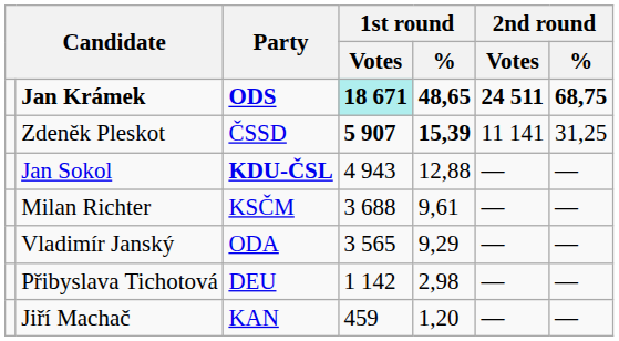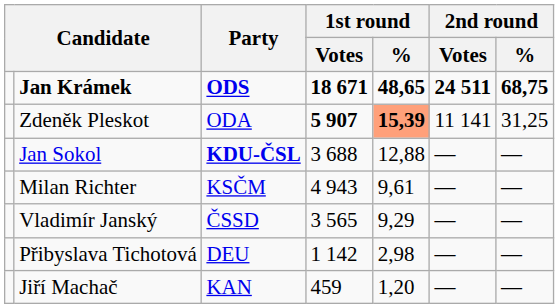 <table class="wikitable sortable">
 <tr>
 <th colspan="2" rowspan="2">Candidate</th>
 <th rowspan="2">Party</th>
 <th colspan="2">1st round</th>
 <th colspan="2">2nd round</th>
 </tr>
 <tr>
 <th>Votes</th>
 <th>%</th>
 <th>Votes</th>
 <th>%</th>
 </tr>
 <tr>
 <td style="background-color:"></td>
 <td><strong>Jan Krámek</strong></td>
 <td><a href='#'><strong>ODS</strong></a></td>
-<td style="background: paleturquoise;"><strong>18 671</strong></td>
+<td><strong>18 671</strong></td>
 <td><strong>48,65</strong></td>
 <td><strong>24 511</strong></td>
 <td><strong>68,75</strong></td>
 </tr>
 <tr>
 <td style="background-color:"></td>
 <td>Zdeněk Pleskot</td>
-<td><a href='#'>ČSSD</a></td>
+<td><a href='#'>ODA</a></td>
 <td><strong>5 907</strong></td>
-<td><strong>15,39</strong></td>
+<td style="background: lightsalmon;"><strong>15,39</strong></td>
 <td>11 141</td>
 <td>31,25</td>
 </tr>
 <tr>
 <td style="background-color:"></td>
 <td><a href='#'>Jan Sokol</a></td>
 <td><strong><a href='#'>KDU-ČSL</a></strong></td>
-<td>4 943</td>
+<td>3 688</td>
 <td>12,88</td>
 <td>—</td>
 <td>—</td>
 </tr>
 <tr>
 <td style="background-color:"></td>
 <td>Milan Richter</td>
 <td><a href='#'>KSČM</a></td>
-<td>3 688</td>
+<td>4 943</td>
 <td>9,61</td>
 <td>—</td>
 <td>—</td>
 </tr>
 <tr>
 <td style="background-color:"></td>
 <td>Vladimír Janský</td>
-<td><a href='#'>ODA</a></td>
+<td><a href='#'>ČSSD</a></td>
 <td>3 565</td>
 <td>9,29</td>
 <td>—</td>
 <td>—</td>
 </tr>
 <tr>
 <td style="background-color:"></td>
 <td>Přibyslava Tichotová</td>
 <td><a href='#'>DEU</a></td>
 <td>1 142</td>
 <td>2,98</td>
 <td>—</td>
 <td>—</td>
 </tr>
 <tr>
 <td style="background-color:"></td>
 <td>Jiří Machač</td>
 <td><a href='#'>KAN</a></td>
 <td>459</td>
 <td>1,20</td>
 <td>—</td>
 <td>—</td>
 </tr>
 </table>
